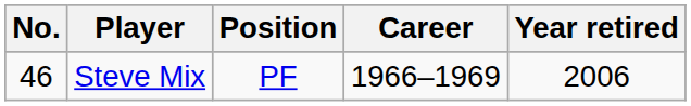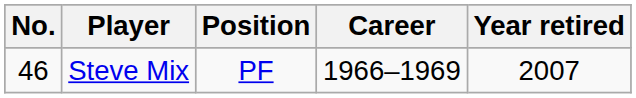 <table class="wikitable" style="text-align:center">
 <tr>
 <th>No.</th>
 <th>Player</th>
 <th>Position</th>
 <th>Career</th>
 <th>Year retired</th>
 </tr>
 <tr>
 <td>46</td>
 <td><a href='#'>Steve Mix</a></td>
 <td><a href='#'>PF</a></td>
 <td>1966–1969</td>
-<td>2006</td>
+<td>2007</td>
 </tr>
 </table>
